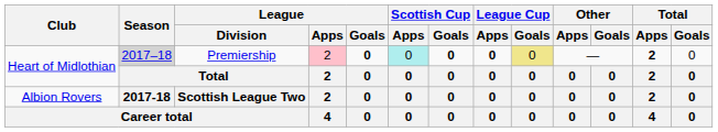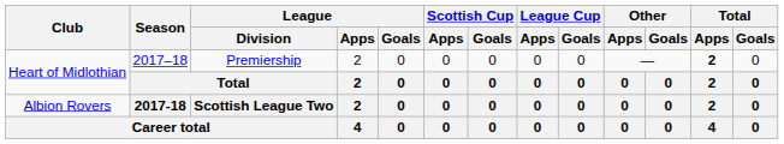 <table class="wikitable" style="text-align:center">
 <tr>
 <th rowspan="2">Club</th>
 <th rowspan="2">Season</th>
 <th colspan="3">League</th>
 <th colspan="2"><a href='#'>Scottish Cup</a></th>
 <th colspan="2"><a href='#'>League Cup</a></th>
 <th colspan="2">Other</th>
 <th colspan="2">Total</th>
 </tr>
 <tr>
 <th>Division</th>
 <th>Apps</th>
 <th>Goals</th>
 <th>Apps</th>
 <th>Goals</th>
 <th>Apps</th>
 <th>Goals</th>
 <th>Apps</th>
 <th>Goals</th>
 <th>Apps</th>
 <th>Goals</th>
 </tr>
 <tr>
 <td rowspan="2"><a href='#'>Heart of Midlothian</a></td>
-<td style="background: lightgrey;"><a href='#'>2017–18</a></td>
+<td><a href='#'>2017–18</a></td>
 <td><a href='#'>Premiership</a></td>
-<td style="background: pink;">2</td>
-<td><strong>0</strong></td>
-<td style="background: paleturquoise;">0</td>
-<td><strong>0</strong></td>
-<td><strong>0</strong></td>
-<td style="background: khaki;">0</td>
+<td>2</td>
+<td>0</td>
+<td>0</td>
+<td>0</td>
+<td>0</td>
+<td>0</td>
 <td colspan="2">—</td>
 <td><strong>2</strong></td>
 <td>0</td>
 </tr>
 <tr>
 <th colspan="2">Total</th>
 <th>2</th>
 <th>0</th>
 <th>0</th>
 <th>0</th>
 <th>0</th>
 <th>0</th>
 <th>0</th>
 <th>0</th>
 <th>2</th>
 <th>0</th>
 </tr>
 <tr>
 <td><a href='#'>Albion Rovers</a></td>
 <th>2017-18</th>
 <th>Scottish League Two</th>
 <th>2</th>
 <th>0</th>
 <th>0</th>
 <th>0</th>
 <th>0</th>
 <th>0</th>
 <th>0</th>
 <th>0</th>
 <th>2</th>
 <th>0</th>
 </tr>
 <tr>
 <th colspan="3">Career total</th>
 <th>4</th>
 <th>0</th>
 <th>0</th>
 <th>0</th>
 <th>0</th>
 <th>0</th>
 <th>0</th>
 <th>0</th>
 <th>4</th>
 <th>0</th>
 </tr>
 </table>
